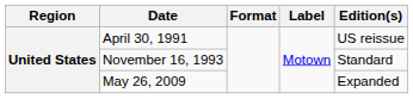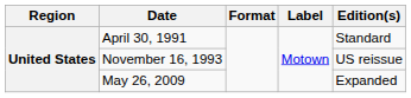 <table class="wikitable plainrowheaders">
 <tr>
 <th scope="col">Region</th>
 <th scope="col">Date</th>
 <th scope="col">Format</th>
 <th scope="col">Label</th>
 <th scope="col">Edition(s)</th>
 </tr>
 <tr>
 <th scope="row" rowspan="3">United States</th>
 <td>April 30, 1991</td>
 <td rowspan="3"></td>
 <td rowspan="3"><a href='#'>Motown</a></td>
-<td>US reissue</td>
+<td>Standard</td>
 </tr>
 <tr>
 <td>November 16, 1993</td>
-<td>Standard</td>
+<td>US reissue</td>
 </tr>
 <tr>
 <td>May 26, 2009</td>
 <td>Expanded</td>
 </tr>
 </table>
